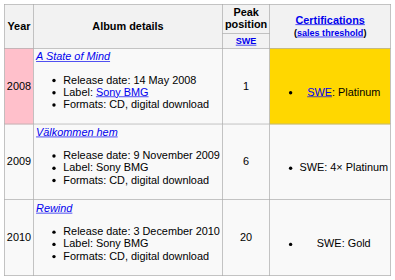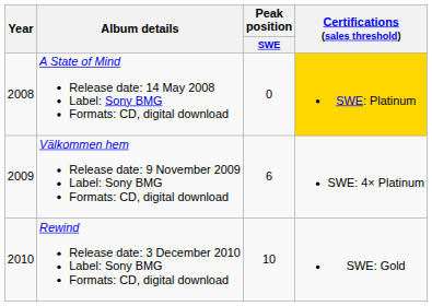 <table class="wikitable" style="text-align:center;">
 <tr>
 <th rowspan="2">Year</th>
 <th rowspan="2">Album details</th>
 <th colspan="1">Peak position</th>
 <th rowspan="2"><a href='#'>Certifications</a><br><small>(<a href='#'>sales threshold</a>)</small></th>
 </tr>
 <tr style="font-size:smaller;">
 <th width="45"><a href='#'>SWE</a><br></th>
 </tr>
 <tr>
-<td style="background: pink;">2008</td>
+<td>2008</td>
 <td style="text-align:left;"><em><a href='#'>A State of Mind</a></em><br><ul><li>Release date: 14 May 2008</li><li>Label: <a href='#'>Sony BMG</a></li><li>Formats: CD, digital download</li></ul></td>
-<td>1</td>
+<td>0</td>
 <td style="background: gold;"><br><ul><li><a href='#'>SWE</a>: Platinum</li></ul></td>
 </tr>
 <tr>
 <td>2009</td>
 <td style="text-align:left;"><em><a href='#'>Välkommen hem</a></em><br><ul><li>Release date: 9 November 2009</li><li>Label: Sony BMG</li><li>Formats: CD, digital download</li></ul></td>
 <td>6<br></td>
 <td><br><ul><li>SWE: 4× Platinum</li></ul></td>
 </tr>
 <tr>
 <td>2010</td>
 <td style="text-align:left;"><em><a href='#'>Rewind</a></em><br><ul><li>Release date: 3 December 2010</li><li>Label: Sony BMG</li><li>Formats: CD, digital download</li></ul></td>
-<td>20</td>
+<td>10</td>
 <td><br><ul><li>SWE: Gold</li></ul></td>
 </tr>
 </table>
